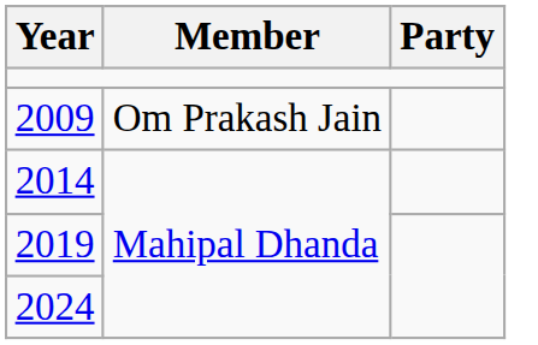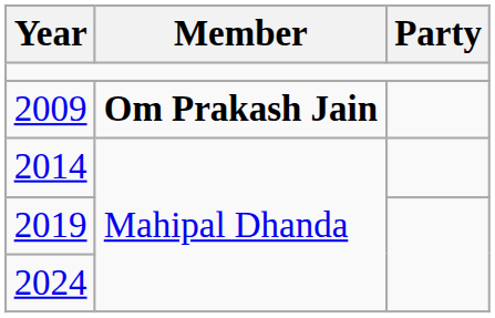 <table class="wikitable">
 <tr>
 <th>Year</th>
 <th>Member</th>
 <th colspan=2>Party</th>
 </tr>
 <tr>
 <td colspan="4"></td>
 </tr>
 <tr>
 <td><a href='#'>2009</a></td>
-<td>Om Prakash Jain</td>
+<td><strong>Om Prakash Jain</strong></td>
 <td></td>
 </tr>
 <tr>
 <td><a href='#'>2014</a></td>
 <td rowspan=3><a href='#'>Mahipal Dhanda</a></td>
 <td></td>
 </tr>
 <tr>
 <td><a href='#'>2019</a></td>
 </tr>
 <tr>
 <td><a href='#'>2024</a></td>
 </tr>
 </table>
